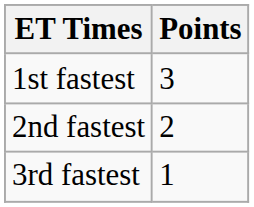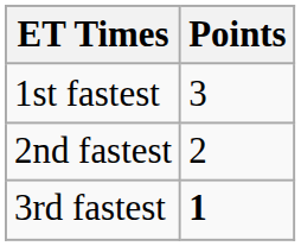 <table class="wikitable">
 <tr>
 <th><strong>ET Times</strong></th>
 <th><strong>Points</strong></th>
 </tr>
 <tr>
 <td>1st fastest</td>
 <td>3</td>
 </tr>
 <tr>
 <td>2nd fastest</td>
 <td>2</td>
 </tr>
 <tr>
 <td>3rd fastest</td>
-<td>1</td>
+<td><strong>1</strong></td>
 </tr>
 </table>
